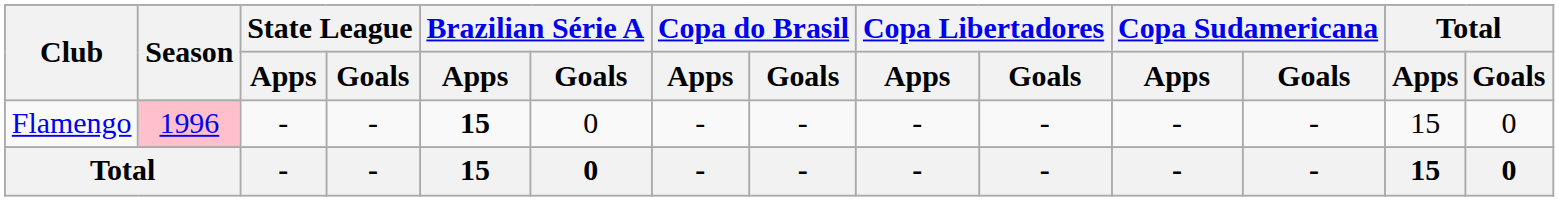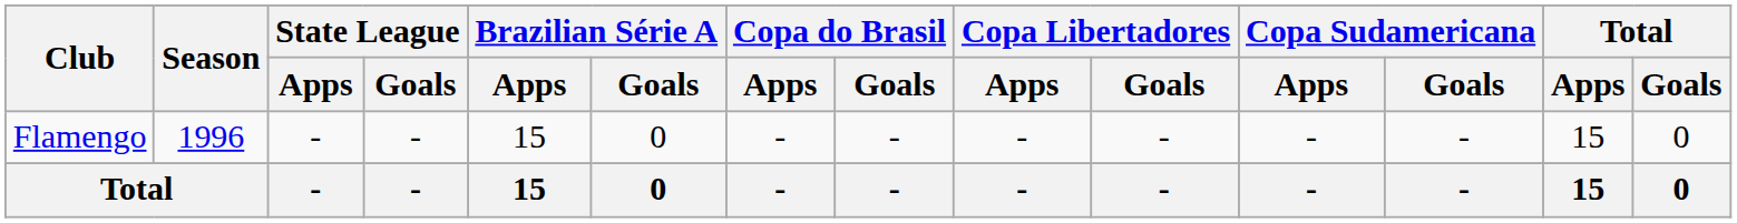 <table class="wikitable" style="text-align: center;">
 <tr>
 <th rowspan="2">Club</th>
 <th rowspan="2">Season</th>
 <th colspan="2">State League</th>
 <th colspan="2"><a href='#'>Brazilian Série A</a></th>
 <th colspan="2"><a href='#'>Copa do Brasil</a></th>
 <th colspan="2"><a href='#'>Copa Libertadores</a></th>
 <th colspan="2"><a href='#'>Copa Sudamericana</a></th>
 <th colspan="2">Total</th>
 </tr>
 <tr>
 <th>Apps</th>
 <th>Goals</th>
 <th>Apps</th>
 <th>Goals</th>
 <th>Apps</th>
 <th>Goals</th>
 <th>Apps</th>
 <th>Goals</th>
 <th>Apps</th>
 <th>Goals</th>
 <th>Apps</th>
 <th>Goals</th>
 </tr>
 <tr>
 <td rowspan="1" valign="center"><a href='#'>Flamengo</a></td>
-<td style="background: pink;"><a href='#'>1996</a></td>
+<td><a href='#'>1996</a></td>
 <td>-</td>
 <td>-</td>
-<td><strong>15</strong></td>
+<td>15</td>
 <td>0</td>
 <td>-</td>
 <td>-</td>
 <td>-</td>
 <td>-</td>
 <td>-</td>
 <td>-</td>
 <td>15</td>
 <td>0</td>
 </tr>
 <tr>
 <th colspan="2">Total</th>
 <th>-</th>
 <th>-</th>
 <th>15</th>
 <th>0</th>
 <th>-</th>
 <th>-</th>
 <th>-</th>
 <th>-</th>
 <th>-</th>
 <th>-</th>
 <th>15</th>
 <th>0</th>
 </tr>
 </table>
